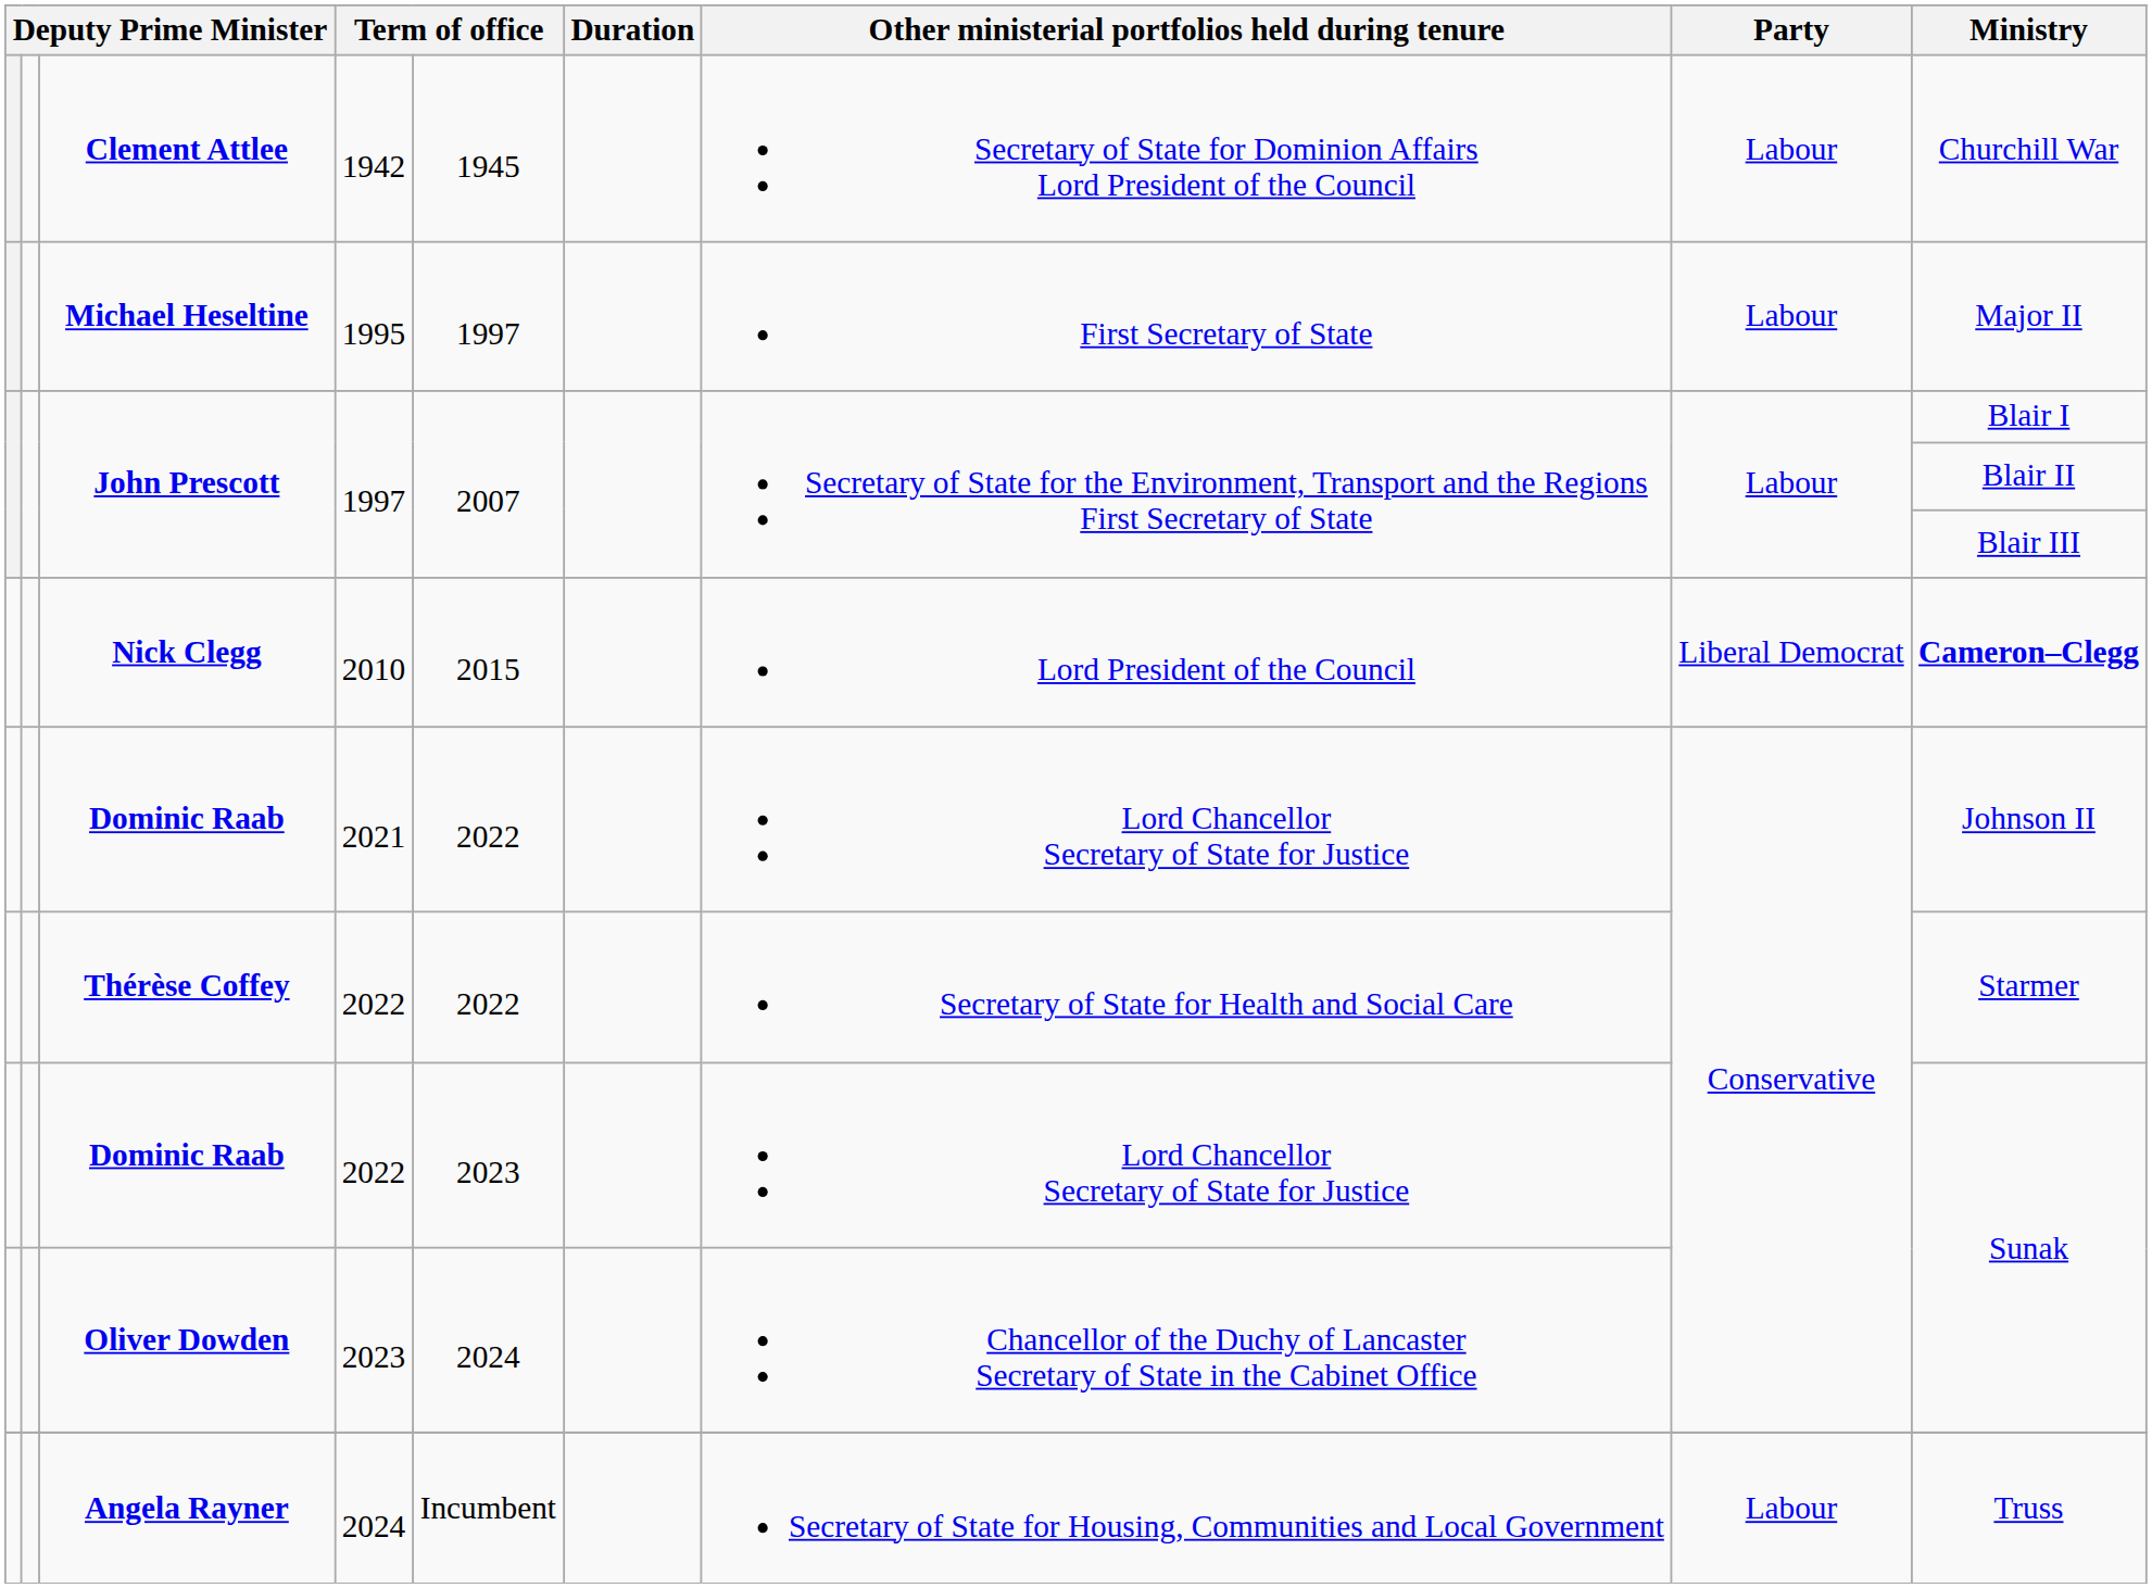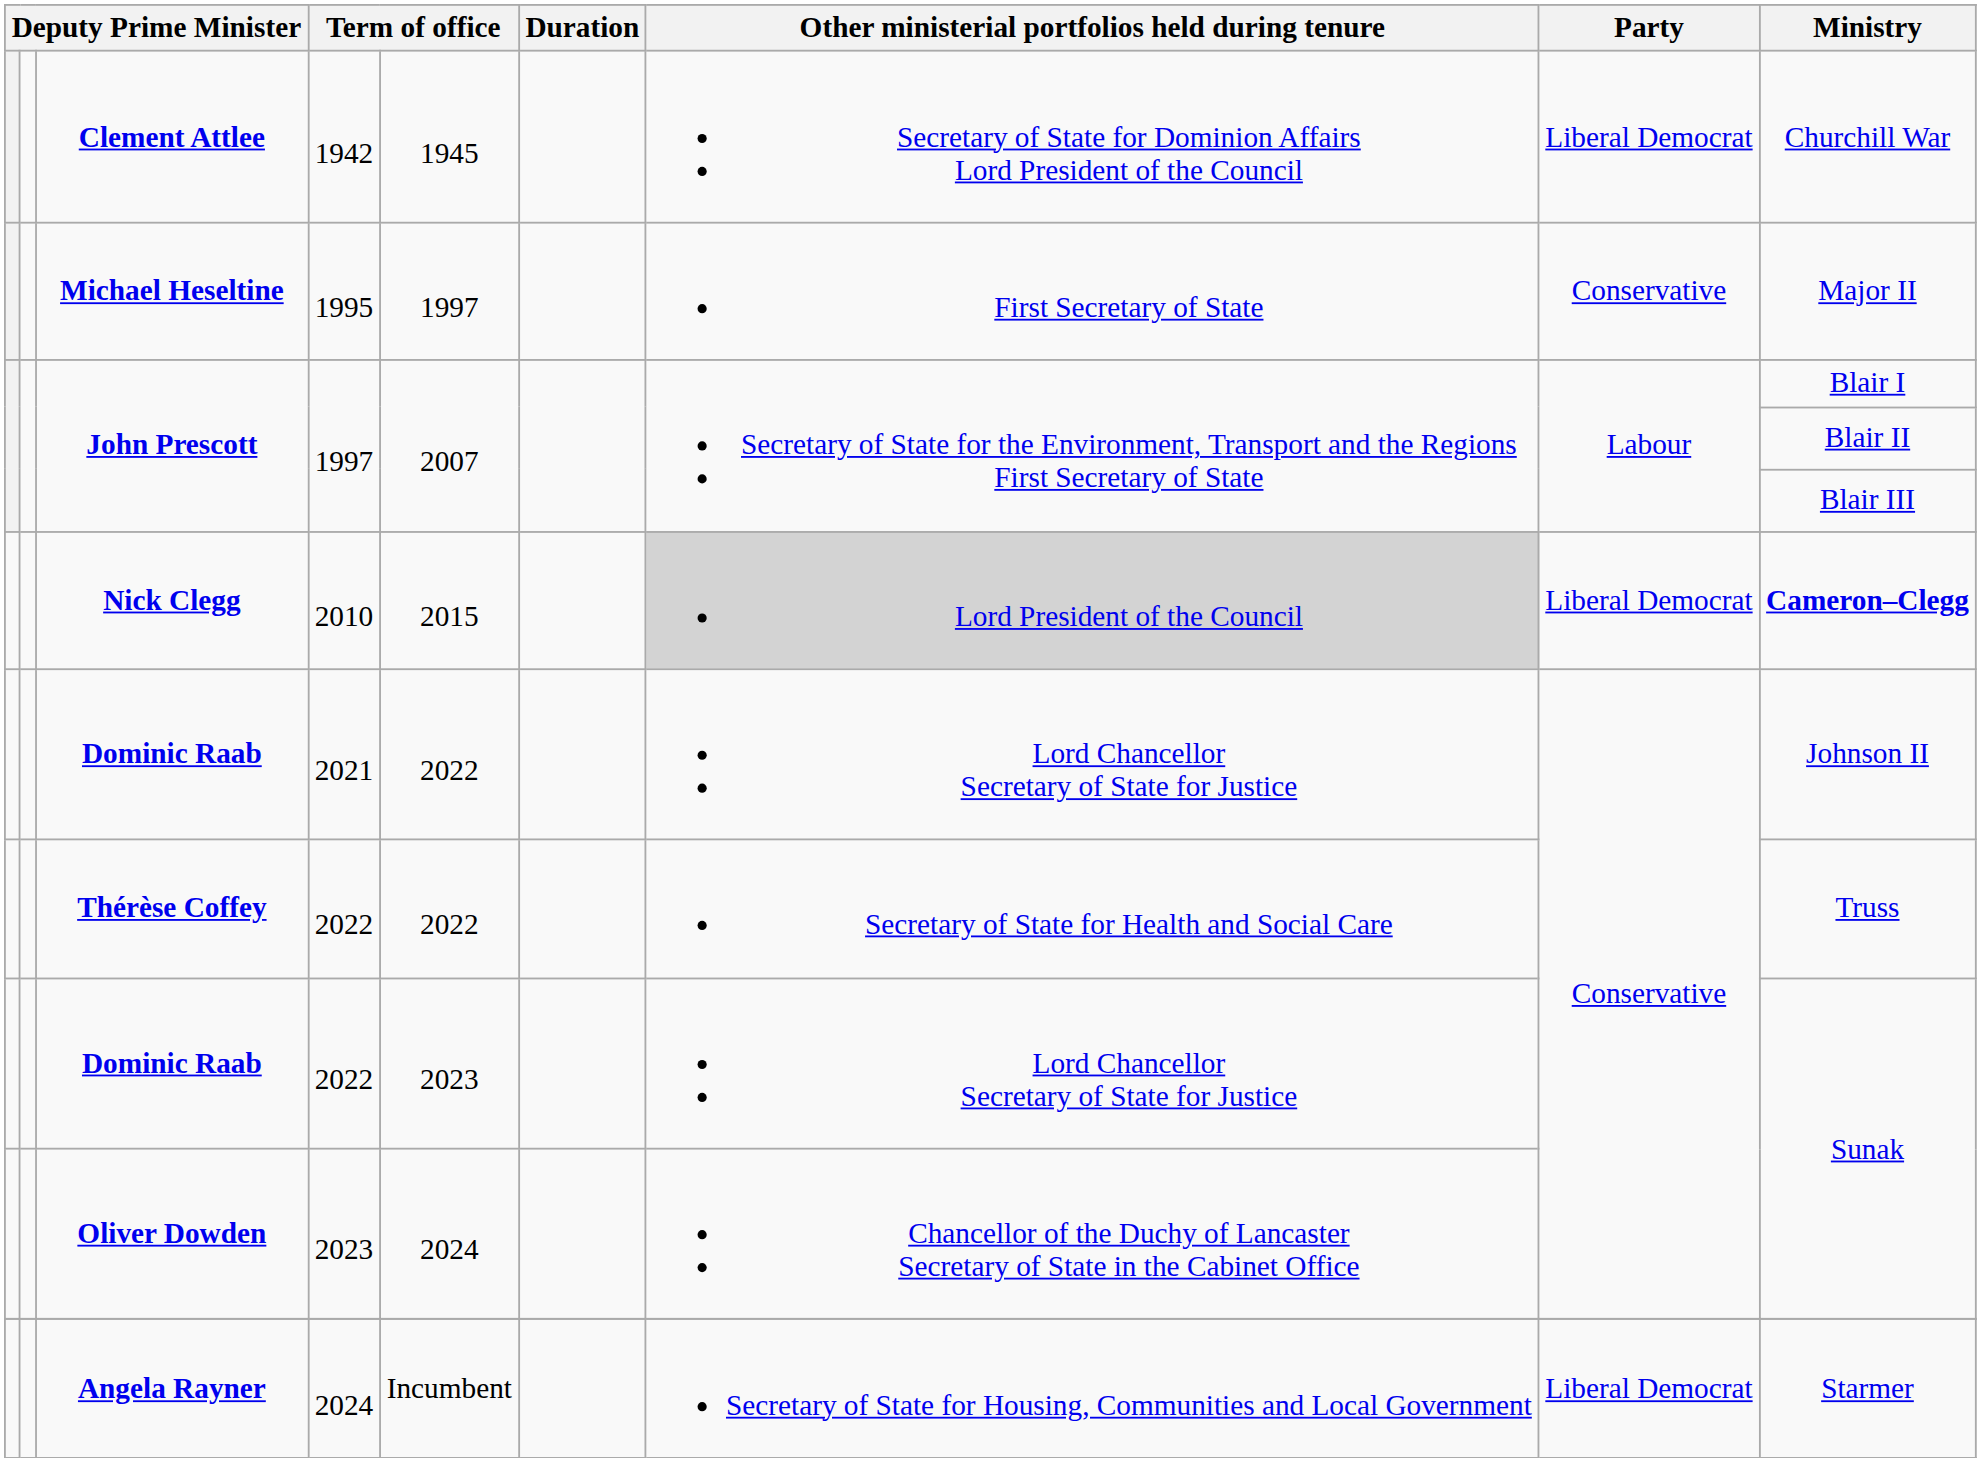 <table class="wikitable" style="text-align:center">
 <tr>
 <th colspan="3">Deputy Prime Minister</th>
 <th colspan="2">Term of office</th>
 <th>Duration</th>
 <th>Other ministerial portfolios held during tenure</th>
 <th>Party</th>
 <th>Ministry</th>
 </tr>
 <tr>
 <th style="background-color: "></th>
 <td></td>
 <td><strong><a href='#'>Clement Attlee</a></strong><br></td>
 <td><br>1942</td>
 <td><br>1945</td>
 <td></td>
 <td><br><ul><li><a href='#'>Secretary of State for Dominion Affairs</a> </li><li><a href='#'>Lord President of the Council</a> </li></ul></td>
-<td><a href='#'>Labour</a></td>
+<td><a href='#'>Liberal Democrat</a></td>
 <td><a href='#'>Churchill War</a></td>
 </tr>
 <tr style="height:1em">
 <th style="background-color: "></th>
 <td></td>
 <td><strong><a href='#'>Michael Heseltine</a></strong><br></td>
 <td><br>1995</td>
 <td><br>1997</td>
 <td></td>
 <td><br><ul><li><a href='#'>First Secretary of State</a></li></ul></td>
-<td><a href='#'>Labour</a></td>
+<td><a href='#'>Conservative</a></td>
 <td><a href='#'>Major II</a></td>
 </tr>
 <tr style="height:1em">
 <th rowspan="3" style="background-color: "></th>
 <td rowspan="3"></td>
 <td rowspan="3"><strong><a href='#'>John Prescott</a></strong><br></td>
 <td rowspan="3"><br>1997</td>
 <td rowspan="3"><br>2007</td>
 <td rowspan="3"></td>
 <td rowspan="3"><br><ul><li><a href='#'>Secretary of State for the Environment, Transport and the Regions</a> </li><li><a href='#'>First Secretary of State</a> </li></ul></td>
 <td rowspan="3" ><a href='#'>Labour</a></td>
 <td><a href='#'>Blair I</a></td>
 </tr>
 <tr>
 <td><a href='#'>Blair II</a></td>
 </tr>
 <tr>
 <td><a href='#'>Blair III</a></td>
 </tr>
 <tr style="height:1em">
 <td style="background-color: "></td>
 <td></td>
 <td><strong><a href='#'>Nick Clegg</a></strong><br></td>
 <td><br>2010</td>
 <td><br>2015</td>
 <td></td>
-<td><br><ul><li><a href='#'>Lord President of the Council</a></li></ul></td>
+<td style="background: lightgrey;"><br><ul><li><a href='#'>Lord President of the Council</a></li></ul></td>
 <td><a href='#'>Liberal Democrat</a></td>
 <td><strong><a href='#'>Cameron–Clegg</a></strong></td>
 </tr>
 <tr style="height:1em">
 <td style="background-color: "></td>
 <td></td>
 <td><strong><a href='#'>Dominic Raab</a></strong><br></td>
 <td><br>2021</td>
 <td><br>2022</td>
 <td></td>
 <td><br><ul><li><a href='#'>Lord Chancellor</a></li><li><a href='#'>Secretary of State for Justice</a></li></ul></td>
 <td rowspan="4" ><a href='#'>Conservative</a></td>
 <td><a href='#'>Johnson II</a></td>
 </tr>
 <tr style="height:1em">
 <td style="background-color: "></td>
 <td></td>
 <td><strong><a href='#'>Thérèse Coffey</a></strong><br></td>
 <td><br>2022</td>
 <td><br>2022</td>
 <td></td>
 <td><br><ul><li><a href='#'>Secretary of State for Health and Social Care</a></li></ul></td>
-<td><a href='#'>Starmer</a></td>
+<td><a href='#'>Truss</a></td>
 </tr>
 <tr style="height:1em">
 <td style="background-color: "></td>
 <td></td>
 <td><strong><a href='#'>Dominic Raab</a></strong><br></td>
 <td><br>2022</td>
 <td><br>2023</td>
 <td></td>
 <td><br><ul><li><a href='#'>Lord Chancellor</a></li><li><a href='#'>Secretary of State for Justice</a></li></ul></td>
 <td rowspan="2" ><a href='#'>Sunak</a></td>
 </tr>
 <tr style="height:1em">
 <td style="background-color: "></td>
 <td></td>
 <td><strong><a href='#'>Oliver Dowden</a></strong><br></td>
 <td><br>2023</td>
 <td><br>2024</td>
 <td></td>
 <td><br><ul><li><a href='#'>Chancellor of the Duchy of Lancaster</a></li><li><a href='#'>Secretary of State in the Cabinet Office</a></li></ul></td>
 </tr>
 <tr>
 </tr>
 <tr style="height:1em">
 <td style="background-color: "></td>
 <td></td>
 <td><strong><a href='#'>Angela Rayner</a></strong><br></td>
 <td><br>2024</td>
 <td>Incumbent</td>
 <td></td>
 <td><br><ul><li><a href='#'>Secretary of State for Housing, Communities and Local Government</a></li></ul></td>
-<td><a href='#'>Labour</a></td>
-<td><a href='#'>Truss</a></td>
+<td><a href='#'>Liberal Democrat</a></td>
+<td><a href='#'>Starmer</a></td>
 </tr>
 </table>
